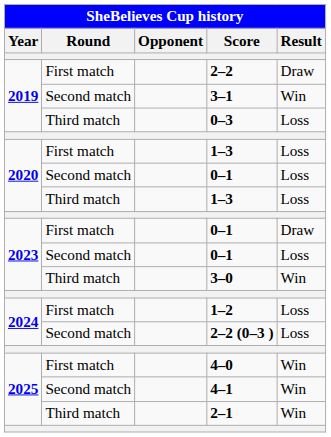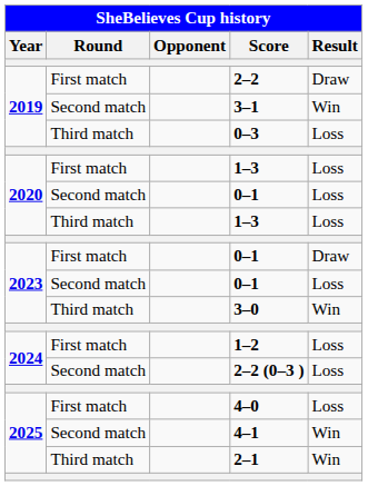 <table class="wikitable collapsible ">
 <tr>
 <th colspan="5"style="background:blue;color:white">SheBelieves Cup history</th>
 </tr>
 <tr>
 <th>Year</th>
 <th>Round</th>
 <th>Opponent</th>
 <th>Score</th>
 <th>Result</th>
 </tr>
 <tr>
 <th colspan="5"></th>
 </tr>
 <tr>
 <td rowspan="3"><strong><a href='#'>2019</a></strong></td>
 <td>First match</td>
 <td align=left></td>
 <td><strong>2–2</strong></td>
 <td>Draw</td>
 </tr>
 <tr>
 <td>Second match</td>
 <td align=left></td>
 <td><strong>3–1</strong></td>
 <td>Win</td>
 </tr>
 <tr style=bgcolor=#c96>
 <td>Third match</td>
 <td align=left></td>
 <td><strong>0–3</strong></td>
 <td>Loss</td>
 </tr>
 <tr>
 <th colspan="5"></th>
 </tr>
 <tr>
 <td rowspan="3"><strong><a href='#'>2020</a></strong></td>
 <td>First match</td>
 <td align=left></td>
 <td><strong>1–3</strong></td>
 <td>Loss</td>
 </tr>
 <tr>
 <td>Second match</td>
 <td align=left></td>
 <td><strong>0–1</strong></td>
 <td>Loss</td>
 </tr>
 <tr>
 <td>Third match</td>
 <td align=left></td>
 <td><strong>1–3</strong></td>
 <td>Loss</td>
 </tr>
 <tr>
 <th colspan="5"></th>
 </tr>
 <tr>
 <td rowspan="3"><strong><a href='#'>2023</a></strong></td>
 <td>First match</td>
 <td align=left></td>
 <td><strong>0–1</strong></td>
 <td>Draw</td>
 </tr>
 <tr>
 <td>Second match</td>
 <td align=left></td>
 <td><strong>0–1</strong></td>
 <td>Loss</td>
 </tr>
 <tr>
 <td>Third match</td>
 <td align=left></td>
 <td><strong>3–0</strong></td>
 <td>Win</td>
 </tr>
 <tr>
 <th colspan="5"></th>
 </tr>
 <tr>
 <td rowspan="2"><strong><a href='#'>2024</a></strong></td>
 <td>First match</td>
 <td align=left></td>
 <td><strong>1–2</strong></td>
 <td>Loss</td>
 </tr>
 <tr>
 <td>Second match</td>
 <td align=left></td>
 <td><strong>2–2 (0–3 )</strong></td>
 <td>Loss</td>
 </tr>
 <tr>
 <th colspan="5"></th>
 </tr>
 <tr>
 <td rowspan="3"><strong><a href='#'>2025</a></strong></td>
 <td>First match</td>
 <td align=left></td>
 <td><strong>4–0</strong></td>
-<td>Win</td>
+<td>Loss</td>
 </tr>
 <tr>
 <td>Second match</td>
 <td align=left></td>
 <td><strong>4–1</strong></td>
 <td>Win</td>
 </tr>
 <tr>
 <td>Third match</td>
 <td align=left></td>
 <td><strong>2–1</strong></td>
 <td>Win</td>
 </tr>
 <tr>
 <th colspan="5"></th>
 </tr>
 </table>
